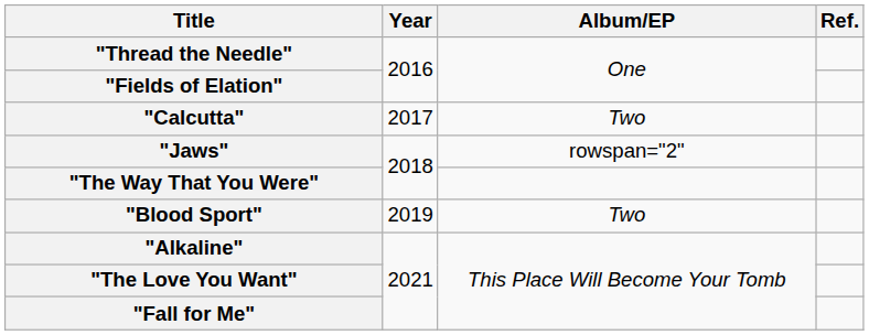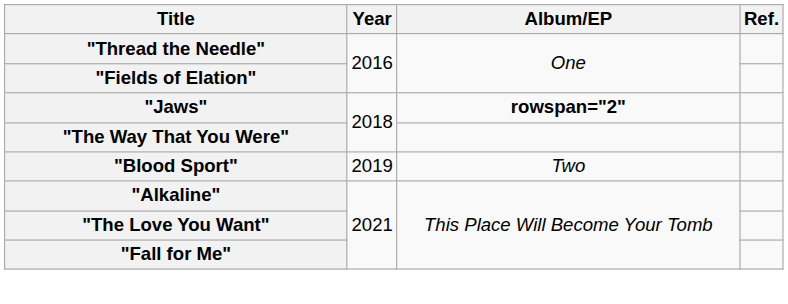 <table class="wikitable plainrowheaders" style="text-align:center;">
 <tr>
 <th scope="col" style="width:18em;">Title</th>
 <th scope="col">Year</th>
 <th scope="col" style="width:18em;">Album/EP</th>
 <th scope="col">Ref.</th>
 </tr>
 <tr>
 <th scope="row">"Thread the Needle"</th>
 <td rowspan="2">2016</td>
 <td rowspan="2"><em>One</em></td>
 <td></td>
 </tr>
 <tr>
 <th scope="row">"Fields of Elation"</th>
 <td></td>
 </tr>
 <tr>
-<th scope="row">"Calcutta"</th>
-<td>2017</td>
-<td><em>Two</em></td>
-<td></td>
-</tr>
-<tr>
 <th scope="row">"Jaws"</th>
 <td rowspan="2">2018</td>
-<td>rowspan="2" </td>
+<td><strong>rowspan="2" </strong></td>
 <td></td>
 </tr>
 <tr>
 <th scope="row">"The Way That You Were"</th>
 <td></td>
 </tr>
 <tr>
 <th scope="row">"Blood Sport" </th>
 <td>2019</td>
 <td><em>Two</em></td>
 <td></td>
 </tr>
 <tr>
 <th scope="row">"Alkaline"</th>
 <td rowspan="3">2021</td>
 <td rowspan="3"><em>This Place Will Become Your Tomb</em></td>
 <td></td>
 </tr>
 <tr>
 <th scope="row">"The Love You Want"</th>
 <td></td>
 </tr>
 <tr>
 <th scope="row">"Fall for Me"</th>
 <td></td>
 </tr>
 </table>
